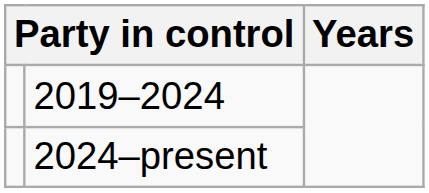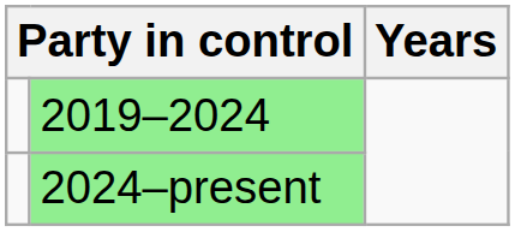 <table class="wikitable">
 <tr>
 <th colspan="2">Party in control</th>
 <th>Years</th>
 </tr>
 <tr>
 <td></td>
-<td>2019–2024</td>
+<td style="background: lightgreen;">2019–2024</td>
 </tr>
 <tr>
 <td></td>
-<td>2024–present</td>
+<td style="background: lightgreen;">2024–present</td>
 </tr>
 </table>
